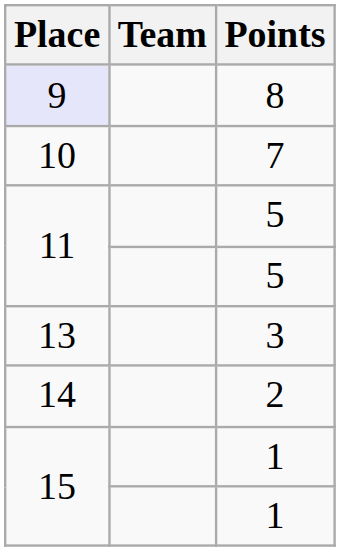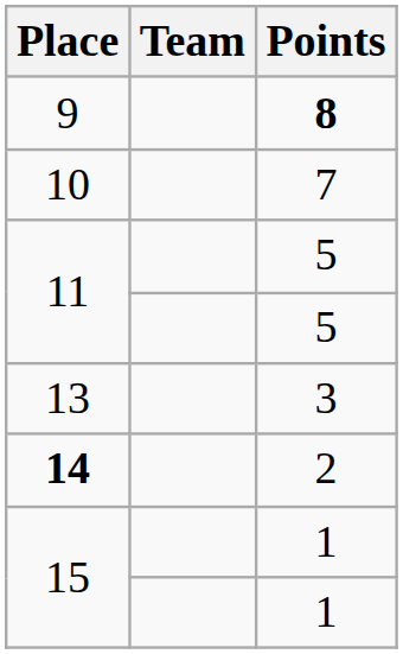 <table class="wikitable" style="text-align:center; padding-bottom:0;">
 <tr>
 <th>Place</th>
 <th style="text-align:left;"> Team</th>
 <th>Points</th>
 </tr>
 <tr>
-<td style="background: lavender;">9</td>
+<td>9</td>
 <td align=left></td>
-<td>8</td>
+<td><strong>8</strong></td>
 </tr>
 <tr>
 <td>10</td>
 <td align=left></td>
 <td>7</td>
 </tr>
 <tr>
 <td rowspan=2>11</td>
 <td align=left></td>
 <td>5</td>
 </tr>
 <tr>
 <td align=left></td>
 <td>5</td>
 </tr>
 <tr>
 <td>13</td>
 <td align=left></td>
 <td>3</td>
 </tr>
 <tr>
-<td>14</td>
+<td><strong>14</strong></td>
 <td align=left></td>
 <td>2</td>
 </tr>
 <tr>
 <td rowspan=2>15</td>
 <td align=left></td>
 <td>1</td>
 </tr>
 <tr>
 <td align=left></td>
 <td>1</td>
 </tr>
 </table>
